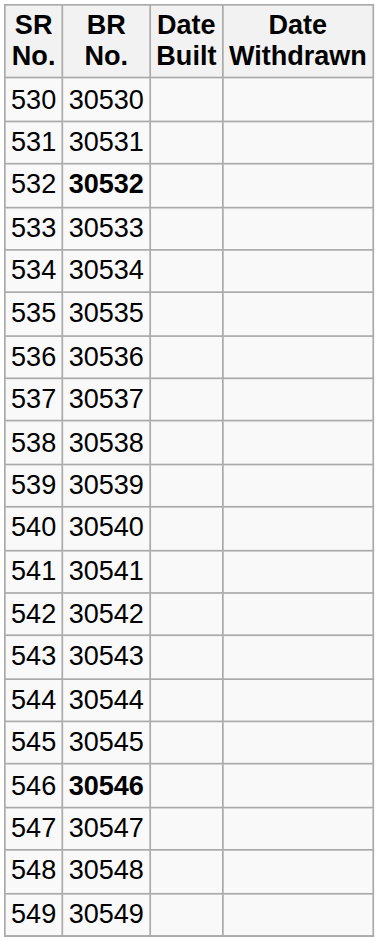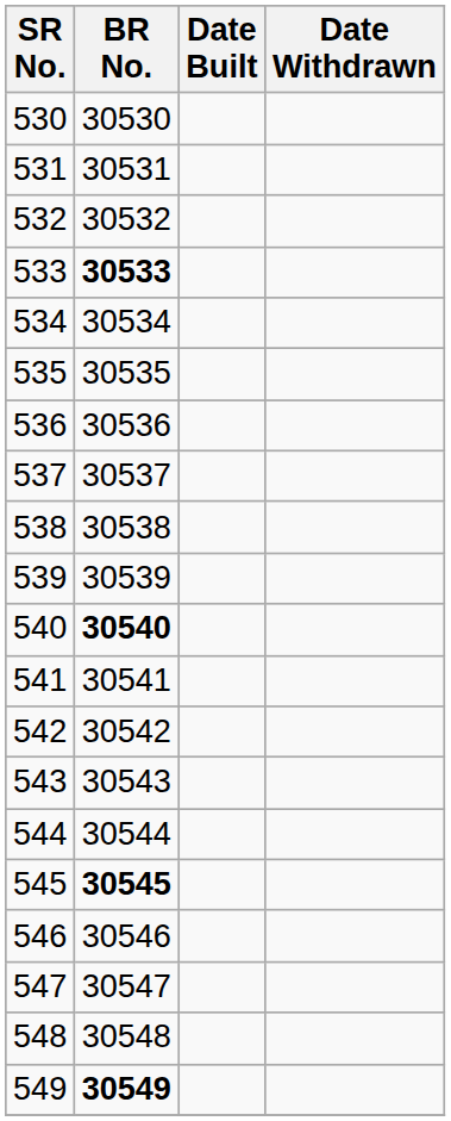 <table class="wikitable sortable collapsible collapsed" style=text-align:center>
 <tr>
 <th>SR<br>No.</th>
 <th>BR<br>No.</th>
 <th>Date<br>Built</th>
 <th>Date<br>Withdrawn</th>
 </tr>
 <tr>
 <td>530</td>
 <td>30530</td>
 <td></td>
 <td></td>
 </tr>
 <tr>
 <td>531</td>
 <td>30531</td>
 <td></td>
 <td></td>
 </tr>
 <tr>
 <td>532</td>
-<td><strong>30532</strong></td>
+<td>30532</td>
 <td></td>
 <td></td>
 </tr>
 <tr>
 <td>533</td>
-<td>30533</td>
+<td><strong>30533</strong></td>
 <td></td>
 <td></td>
 </tr>
 <tr>
 <td>534</td>
 <td>30534</td>
 <td></td>
 <td></td>
 </tr>
 <tr>
 <td>535</td>
 <td>30535</td>
 <td></td>
 <td></td>
 </tr>
 <tr>
 <td>536</td>
 <td>30536</td>
 <td></td>
 <td></td>
 </tr>
 <tr>
 <td>537</td>
 <td>30537</td>
 <td></td>
 <td></td>
 </tr>
 <tr>
 <td>538</td>
 <td>30538</td>
 <td></td>
 <td></td>
 </tr>
 <tr>
 <td>539</td>
 <td>30539</td>
 <td></td>
 <td></td>
 </tr>
 <tr>
 <td>540</td>
-<td>30540</td>
+<td><strong>30540</strong></td>
 <td></td>
 <td></td>
 </tr>
 <tr>
 <td>541</td>
 <td>30541</td>
 <td></td>
 <td></td>
 </tr>
 <tr>
 <td>542</td>
 <td>30542</td>
 <td></td>
 <td></td>
 </tr>
 <tr>
 <td>543</td>
 <td>30543</td>
 <td></td>
 <td></td>
 </tr>
 <tr>
 <td>544</td>
 <td>30544</td>
 <td></td>
 <td></td>
 </tr>
 <tr>
 <td>545</td>
-<td>30545</td>
+<td><strong>30545</strong></td>
 <td></td>
 <td></td>
 </tr>
 <tr>
 <td>546</td>
-<td><strong>30546</strong></td>
+<td>30546</td>
 <td></td>
 <td></td>
 </tr>
 <tr>
 <td>547</td>
 <td>30547</td>
 <td></td>
 <td></td>
 </tr>
 <tr>
 <td>548</td>
 <td>30548</td>
 <td></td>
 <td></td>
 </tr>
 <tr>
 <td>549</td>
-<td>30549</td>
+<td><strong>30549</strong></td>
 <td></td>
 <td></td>
 </tr>
 <tr>
 </tr>
 </table>
